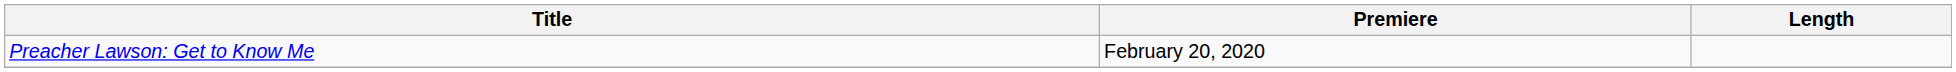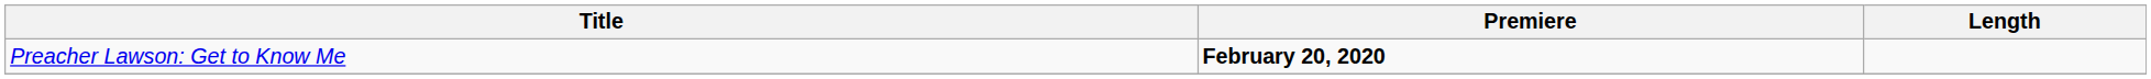 <table class="wikitable sortable" style="width:100%;">
 <tr>
 <th>Title</th>
 <th>Premiere</th>
 <th>Length</th>
 </tr>
 <tr>
 <td><em><a href='#'>Preacher Lawson: Get to Know Me</a></em></td>
-<td>February 20, 2020</td>
+<td><strong>February 20, 2020</strong></td>
 <td></td>
 </tr>
 <tr>
 </tr>
 </table>
